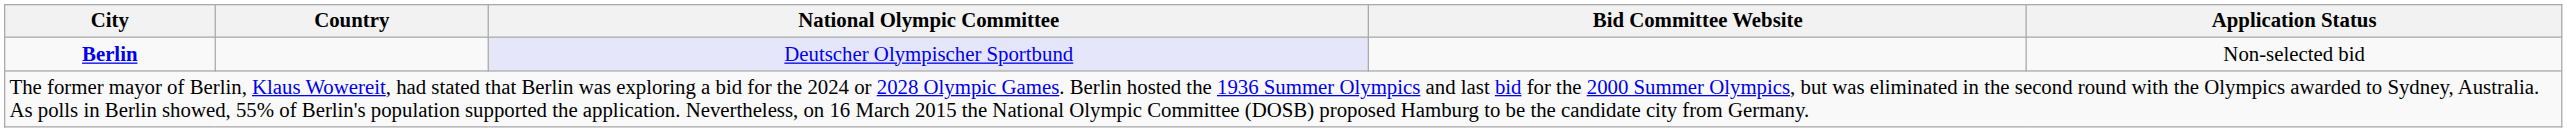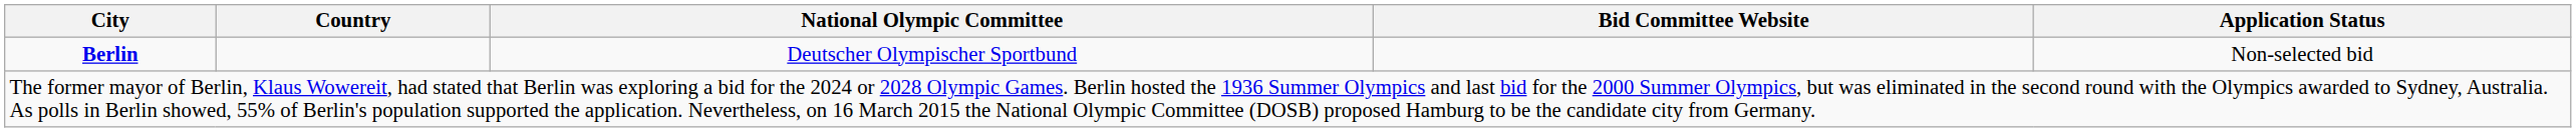 <table class="wikitable" style="text-align: center;">
 <tr>
 <th scope="col">City</th>
 <th scope="col">Country</th>
 <th scope="col">National Olympic Committee</th>
 <th scope="col">Bid Committee Website</th>
 <th scope="col">Application Status</th>
 </tr>
 <tr>
 <td><strong><a href='#'>Berlin</a></strong></td>
 <td style="text-align: left;"></td>
-<td style="background: lavender;"><a href='#'>Deutscher Olympischer Sportbund</a></td>
+<td><a href='#'>Deutscher Olympischer Sportbund</a></td>
 <td></td>
 <td>Non-selected bid</td>
 </tr>
 <tr>
 <td colspan="5" style="text-align: left;">The former mayor of Berlin, <a href='#'>Klaus Wowereit</a>, had stated that Berlin was exploring a bid for the 2024 or <a href='#'>2028 Olympic Games</a>. Berlin hosted the <a href='#'>1936 Summer Olympics</a> and last <a href='#'>bid</a> for the <a href='#'>2000 Summer Olympics</a>, but was eliminated in the second round with the Olympics awarded to Sydney, Australia. As polls in Berlin showed, 55% of Berlin's population supported the application. Nevertheless, on 16 March 2015 the National Olympic Committee (DOSB) proposed Hamburg to be the candidate city from Germany.</td>
 </tr>
 </table>
